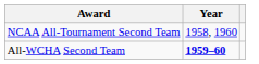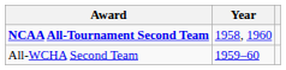 <table class="wikitable">
 <tr>
 <th>Award</th>
 <th>Year</th>
 <th></th>
 </tr>
 <tr>
-<td><a href='#'>NCAA</a> <a href='#'>All-Tournament Second Team</a></td>
+<td><strong><a href='#'>NCAA</a> <a href='#'>All-Tournament Second Team</a></strong></td>
 <td><a href='#'>1958</a>, <a href='#'>1960</a></td>
 <td></td>
 </tr>
 <tr>
 <td>All-<a href='#'>WCHA</a> <a href='#'>Second Team</a></td>
-<td><strong><a href='#'>1959–60</a></strong></td>
+<td><a href='#'>1959–60</a></td>
 <td></td>
 </tr>
 </table>
